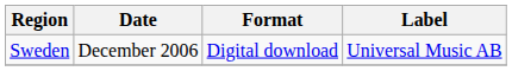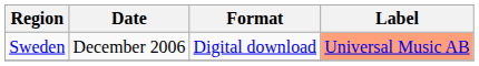 <table class=wikitable>
 <tr>
 <th>Region</th>
 <th>Date</th>
 <th>Format</th>
 <th>Label</th>
 </tr>
 <tr>
 <td><a href='#'>Sweden</a></td>
 <td>December 2006</td>
 <td><a href='#'>Digital download</a></td>
-<td><a href='#'>Universal Music AB</a></td>
+<td style="background: lightsalmon;"><a href='#'>Universal Music AB</a></td>
 </tr>
 <tr>
 </tr>
 </table>
